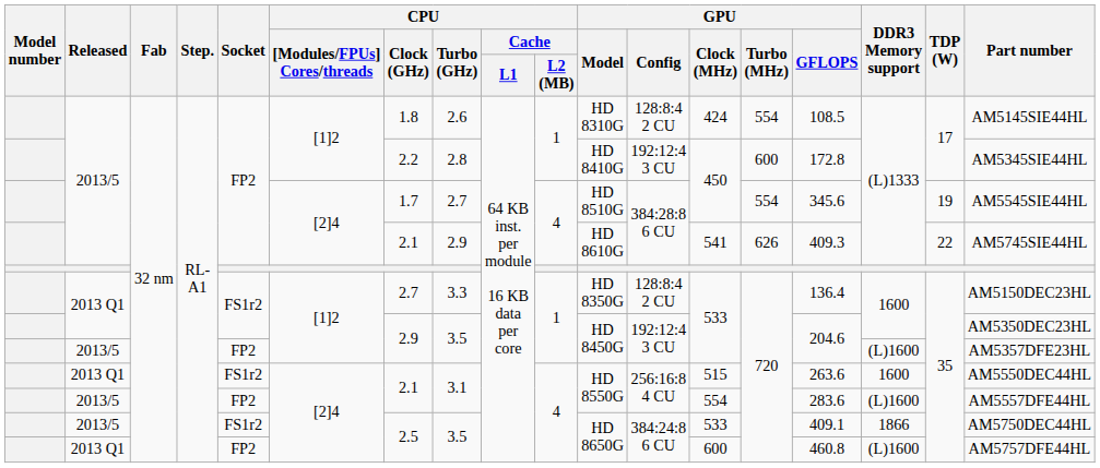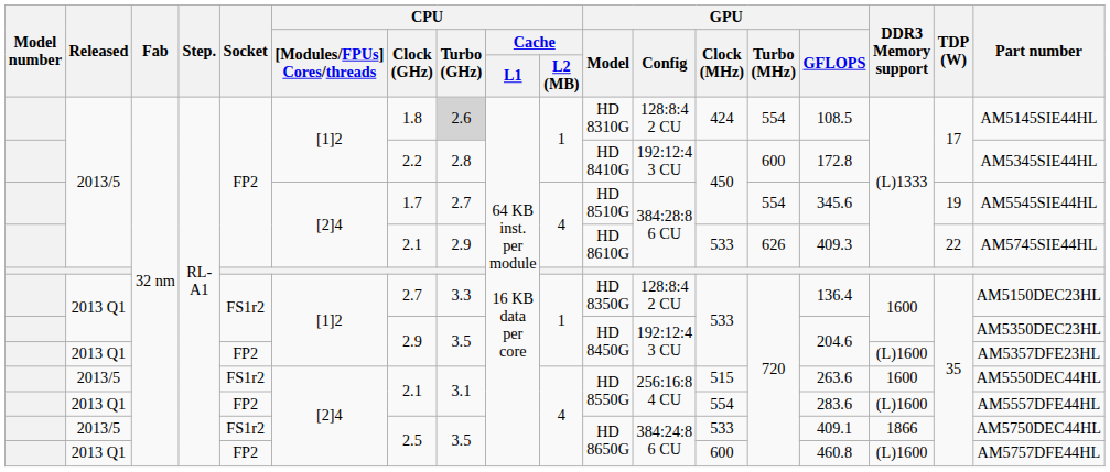 <table class="wikitable sortable sort-under" style="text-align: center">
 <tr>
 <th rowspan=3>Model number</th>
 <th rowspan=3>Released</th>
 <th rowspan=3>Fab</th>
 <th rowspan=3>Step.</th>
 <th rowspan=3>Socket</th>
 <th colspan="5">CPU</th>
 <th colspan=5>GPU</th>
 <th rowspan=3>DDR3<br>Memory<br>support</th>
 <th rowspan=3>TDP<br>(W)</th>
 <th rowspan=3>Part number</th>
 </tr>
 <tr>
 <th rowspan=2>[Modules/<a href='#'>FPUs</a>]<br><a href='#'>Cores</a>/<a href='#'>threads</a></th>
 <th rowspan=2>Clock<br>(GHz)</th>
 <th rowspan=2>Turbo<br>(GHz)</th>
 <th colspan="2"><a href='#'>Cache</a></th>
 <th rowspan=2>Model</th>
 <th rowspan=2>Config</th>
 <th rowspan=2>Clock<br>(MHz)</th>
 <th rowspan=2>Turbo<br>(MHz)</th>
 <th rowspan=2><a href='#'>GFLOPS</a></th>
 </tr>
 <tr>
 <th><a href='#'>L1</a></th>
 <th><a href='#'>L2</a><br>(MB)</th>
 </tr>
 <tr>
 <th></th>
 <td rowspan=4>2013/5</td>
 <td rowspan=12>32 nm</td>
 <td rowspan=12>RL-A1</td>
 <td rowspan=4>FP2</td>
 <td rowspan=2>[1]2</td>
 <td>1.8</td>
-<td>2.6</td>
+<td style="background: lightgrey;">2.6</td>
 <td rowspan=12>64 KB inst.<br>per module<br><br>16 KB data<br>per core</td>
 <td rowspan=2>1</td>
 <td>HD 8310G</td>
 <td>128:8:4<br>2 CU</td>
 <td>424</td>
 <td>554</td>
 <td>108.5</td>
 <td rowspan=4>(L)1333</td>
 <td rowspan=2>17</td>
 <td>AM5145SIE44HL</td>
 </tr>
 <tr>
 <th></th>
 <td>2.2</td>
 <td>2.8</td>
 <td>HD 8410G</td>
 <td>192:12:4<br>3 CU</td>
 <td rowspan=2>450</td>
 <td>600</td>
 <td>172.8</td>
 <td>AM5345SIE44HL</td>
 </tr>
 <tr>
 <th></th>
 <td rowspan=2>[2]4</td>
 <td>1.7</td>
 <td>2.7</td>
 <td rowspan=2>4</td>
 <td>HD 8510G</td>
 <td rowspan=2>384:28:8<br>6 CU</td>
 <td>554</td>
 <td>345.6</td>
 <td>19</td>
 <td>AM5545SIE44HL</td>
 </tr>
 <tr>
 <th></th>
 <td>2.1</td>
 <td>2.9</td>
 <td>HD 8610G</td>
-<td>541</td>
+<td>533</td>
 <td>626</td>
 <td>409.3</td>
 <td>22</td>
 <td>AM5745SIE44HL</td>
 </tr>
 <tr>
 <th colspan="2"></th>
 <th colspan="4"></th>
 <th></th>
 <th colspan="8"></th>
 </tr>
 <tr>
 <th></th>
 <td rowspan=2>2013 Q1</td>
 <td rowspan="2">FS1r2</td>
 <td rowspan=3>[1]2</td>
 <td>2.7</td>
 <td>3.3</td>
 <td rowspan=3>1</td>
 <td>HD 8350G</td>
 <td>128:8:4<br>2 CU</td>
 <td rowspan=3>533</td>
 <td rowspan=7>720</td>
 <td>136.4</td>
 <td rowspan=2>1600</td>
 <td rowspan=7>35</td>
 <td>AM5150DEC23HL</td>
 </tr>
 <tr>
 <th></th>
 <td rowspan=2>2.9</td>
 <td rowspan=2>3.5</td>
 <td rowspan=2>HD 8450G</td>
 <td rowspan=2>192:12:4<br>3 CU</td>
 <td rowspan=2>204.6</td>
 <td>AM5350DEC23HL</td>
 </tr>
 <tr>
 <th></th>
-<td>2013/5</td>
+<td>2013 Q1</td>
 <td>FP2</td>
 <td>(L)1600</td>
 <td>AM5357DFE23HL</td>
 </tr>
 <tr>
 <th></th>
-<td>2013 Q1</td>
+<td>2013/5</td>
 <td>FS1r2</td>
 <td rowspan="4">[2]4</td>
 <td rowspan=2>2.1</td>
 <td rowspan=2>3.1</td>
 <td rowspan=4>4</td>
 <td rowspan=2>HD 8550G</td>
 <td rowspan=2>256:16:8<br>4 CU</td>
 <td>515</td>
 <td>263.6</td>
 <td>1600</td>
 <td>AM5550DEC44HL</td>
 </tr>
 <tr>
 <th></th>
-<td>2013/5</td>
+<td>2013 Q1</td>
 <td>FP2</td>
 <td>554</td>
 <td>283.6</td>
 <td>(L)1600</td>
 <td>AM5557DFE44HL</td>
 </tr>
 <tr>
 <th></th>
 <td>2013/5</td>
 <td>FS1r2</td>
 <td rowspan="2">2.5</td>
 <td rowspan=2>3.5</td>
 <td rowspan=2>HD 8650G</td>
 <td rowspan=2>384:24:8<br>6 CU</td>
 <td>533</td>
 <td>409.1</td>
 <td>1866</td>
 <td>AM5750DEC44HL</td>
 </tr>
 <tr>
 <th></th>
 <td>2013 Q1</td>
 <td>FP2</td>
 <td>600</td>
 <td>460.8</td>
 <td>(L)1600</td>
 <td>AM5757DFE44HL</td>
 </tr>
 </table>
